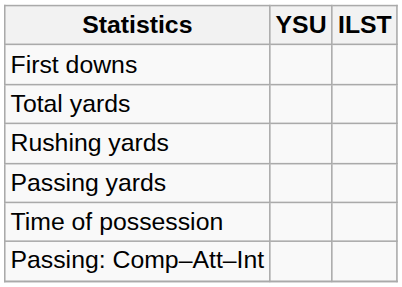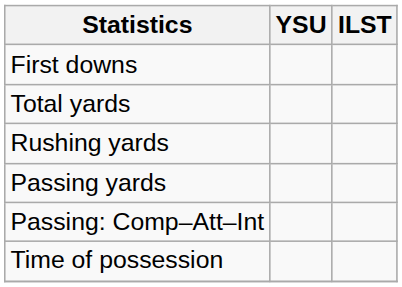 <table class="wikitable" style="float: left;">
 <tr>
 <th>Statistics</th>
 <th>YSU</th>
 <th>ILST</th>
 </tr>
 <tr>
 <td>First downs</td>
 <td></td>
 <td></td>
 </tr>
 <tr>
 <td>Total yards</td>
 <td></td>
 <td></td>
 </tr>
 <tr>
 <td>Rushing yards</td>
 <td></td>
 <td></td>
 </tr>
 <tr>
 <td>Passing yards</td>
 <td></td>
 <td></td>
 </tr>
 <tr>
-<td>Time of possession</td>
+<td>Passing: Comp–Att–Int</td>
 <td></td>
 <td></td>
 </tr>
 <tr>
-<td>Passing: Comp–Att–Int</td>
+<td>Time of possession</td>
 <td></td>
 <td></td>
 </tr>
 <tr>
 </tr>
 </table>
